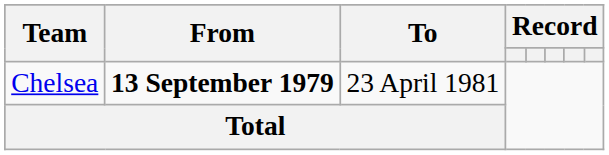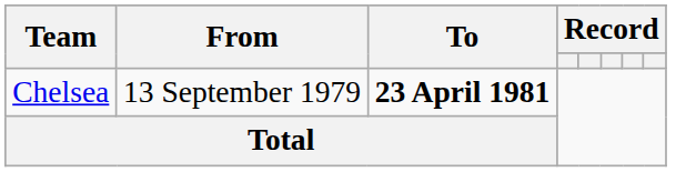 <table class=wikitable style=text-align:center>
 <tr>
 <th rowspan=2>Team</th>
 <th rowspan=2>From</th>
 <th rowspan=2>To</th>
 <th colspan=5>Record</th>
 </tr>
 <tr>
 <th></th>
 <th></th>
 <th></th>
 <th></th>
 <th></th>
 </tr>
 <tr>
 <td align=left><a href='#'>Chelsea</a></td>
-<td align=left><strong>13 September 1979</strong></td>
-<td align=left>23 April 1981<br></td>
+<td align=left>13 September 1979</td>
+<td align=left><strong>23 April 1981<br></strong></td>
 </tr>
 <tr>
 <th colspan=3>Total<br></th>
 </tr>
 </table>
